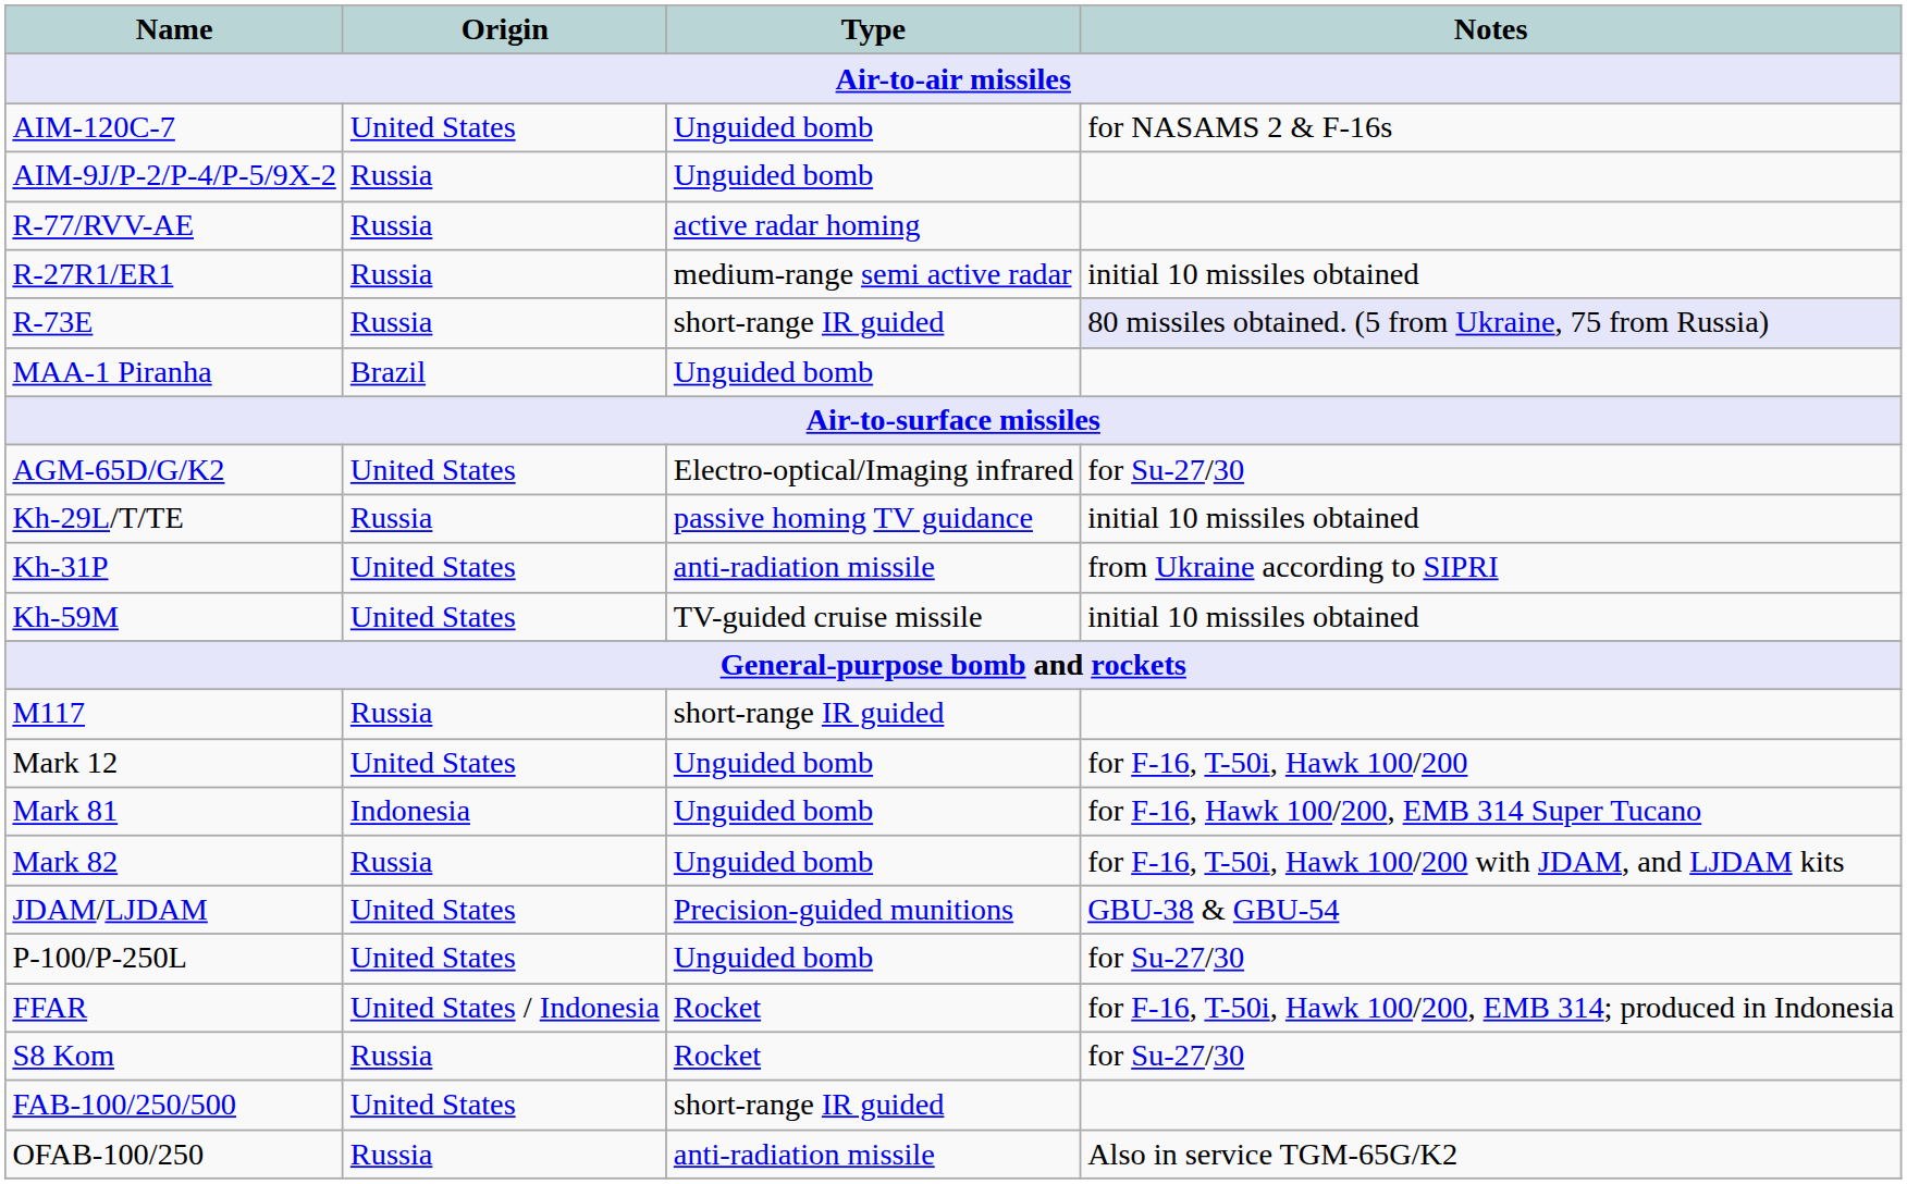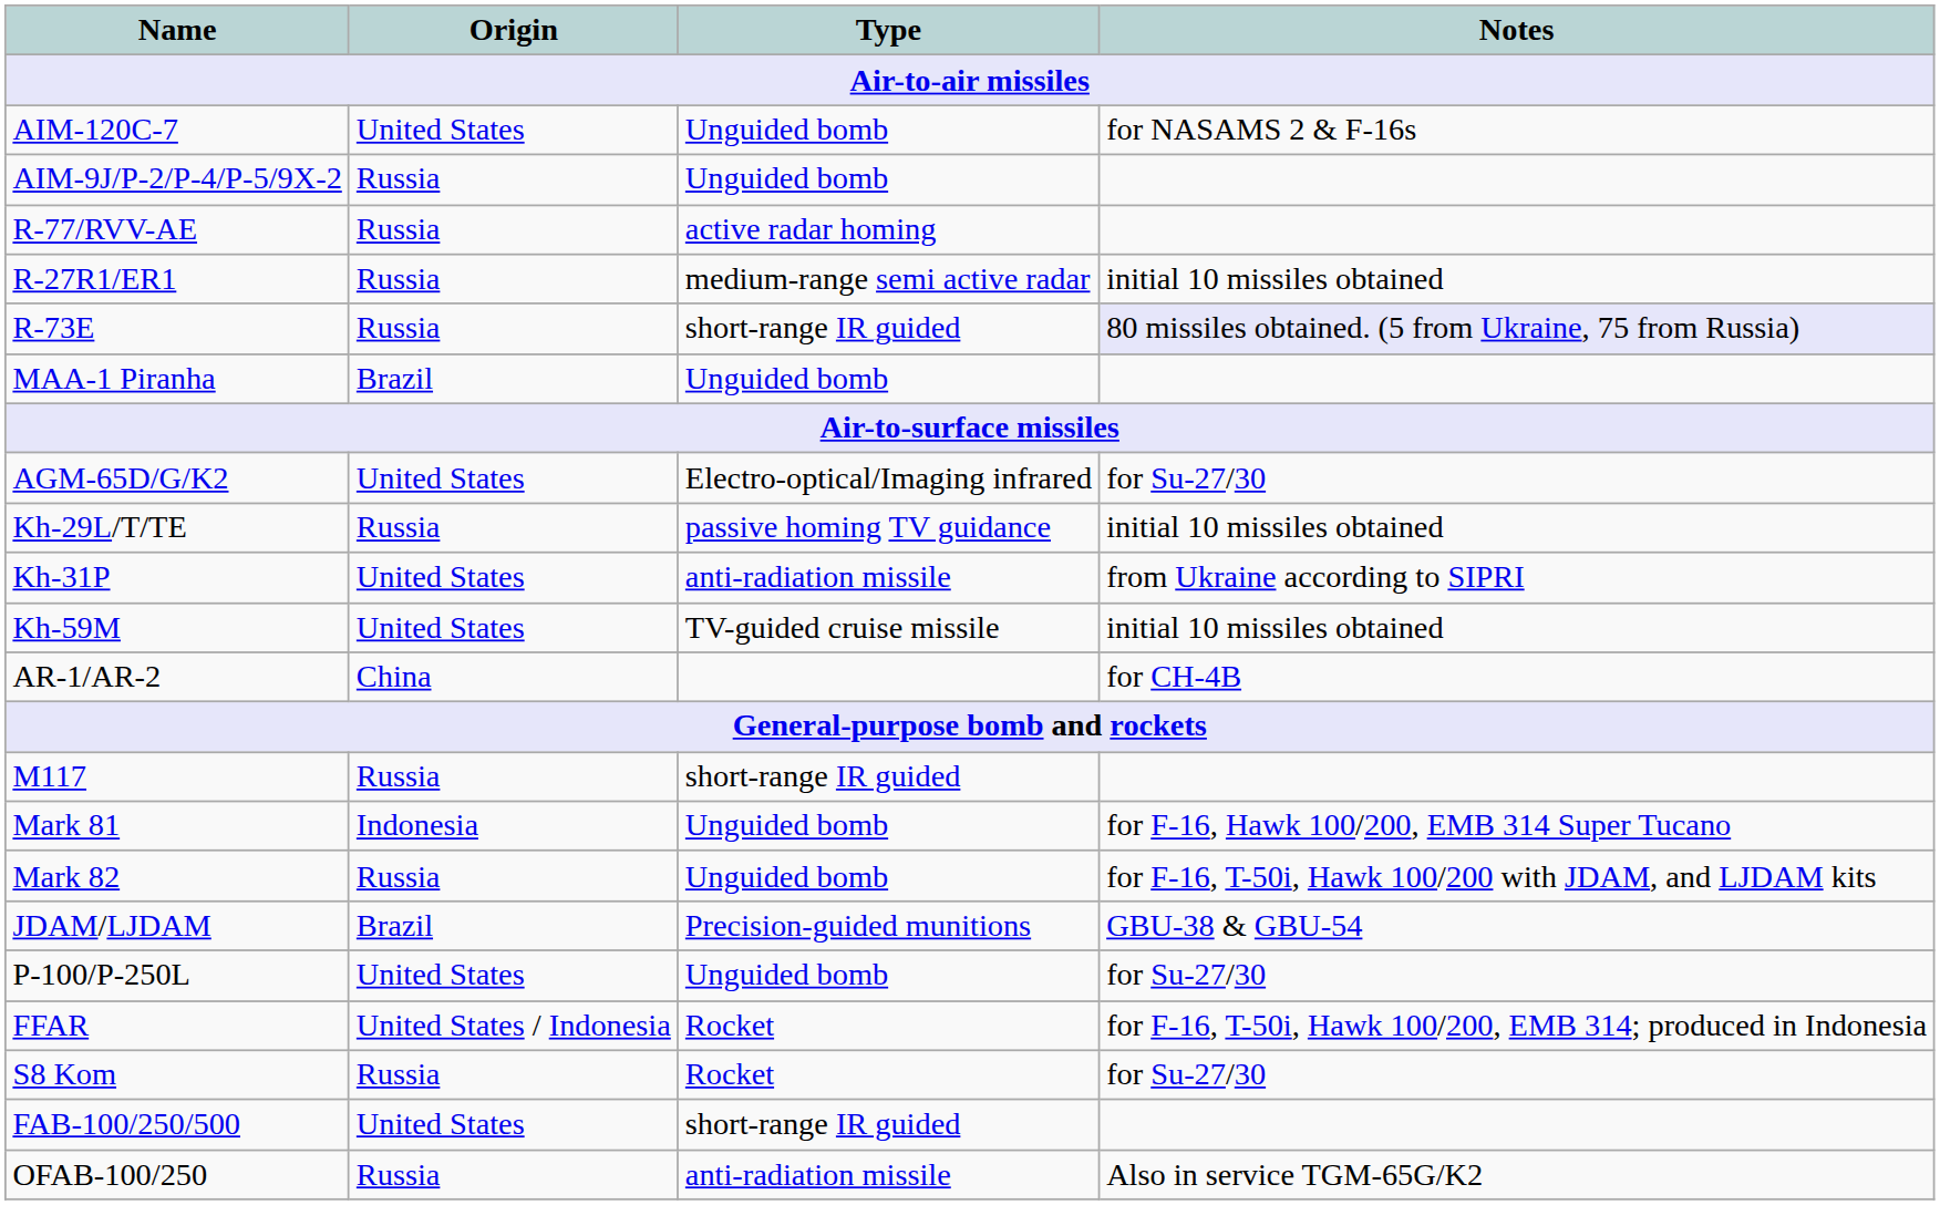 <table class="wikitable">
 <tr>
 <th style="text-align:center; background:#accc;">Name</th>
 <th style="text-align: center; background:#accc;">Origin</th>
 <th style="text-align:l center; background:#accc;">Type</th>
 <th style="text-align: center; background:#accc;">Notes</th>
 </tr>
 <tr>
 <th colspan="4" style="align: center; background: lavender;"><a href='#'>Air-to-air missiles</a></th>
 </tr>
 <tr>
 <td><a href='#'>AIM-120C-7</a></td>
 <td><a href='#'>United States</a></td>
 <td><a href='#'>Unguided bomb</a></td>
 <td>for NASAMS 2 & F-16s</td>
 </tr>
 <tr>
 <td><a href='#'>AIM-9J/P-2/P-4/P-5/9X-2</a></td>
 <td><a href='#'>Russia</a></td>
 <td><a href='#'>Unguided bomb</a></td>
 <td></td>
 </tr>
 <tr>
 <td><a href='#'>R-77/RVV-AE</a></td>
 <td><a href='#'>Russia</a></td>
 <td><a href='#'>active radar homing</a></td>
 <td></td>
 </tr>
 <tr>
 <td><a href='#'>R-27R1/ER1</a></td>
 <td><a href='#'>Russia</a></td>
 <td>medium-range <a href='#'>semi active radar</a></td>
 <td>initial 10 missiles obtained</td>
 </tr>
 <tr>
 <td><a href='#'>R-73E</a></td>
 <td><a href='#'>Russia</a></td>
 <td>short-range <a href='#'>IR guided</a></td>
 <td style="background: lavender;">80 missiles obtained. (5 from <a href='#'>Ukraine</a>, 75 from Russia)</td>
 </tr>
 <tr>
 <td><a href='#'>MAA-1 Piranha</a></td>
 <td><a href='#'>Brazil</a></td>
 <td><a href='#'>Unguided bomb</a></td>
 <td></td>
 </tr>
 <tr>
 <th colspan="4" style="align: center; background: lavender;"><a href='#'>Air-to-surface missiles</a></th>
 </tr>
 <tr>
 <td><a href='#'>AGM-65D/G/K2</a></td>
 <td><a href='#'>United States</a></td>
 <td>Electro-optical/Imaging infrared</td>
 <td>for <a href='#'>Su-27</a>/<a href='#'>30</a></td>
 </tr>
 <tr>
 <td><a href='#'>Kh-29L</a>/T/TE</td>
 <td><a href='#'>Russia</a></td>
 <td><a href='#'>passive homing</a> <a href='#'>TV guidance</a></td>
 <td>initial 10 missiles obtained</td>
 </tr>
 <tr>
 <td><a href='#'>Kh-31P</a></td>
 <td><a href='#'>United States</a></td>
 <td><a href='#'>anti-radiation missile</a></td>
 <td>from <a href='#'>Ukraine</a> according to <a href='#'>SIPRI</a></td>
 </tr>
 <tr>
 <td><a href='#'>Kh-59M</a></td>
 <td><a href='#'>United States</a></td>
 <td>TV-guided cruise missile</td>
 <td>initial 10 missiles obtained</td>
 </tr>
 <tr>
+<td>AR-1/AR-2</td>
+<td><a href='#'>China</a></td>
+<td></td>
+<td>for <a href='#'>CH-4B</a></td>
+</tr>
+<tr>
 <th colspan="4" style="align: center; background: lavender;"><a href='#'>General-purpose bomb</a> and <a href='#'>rockets</a></th>
 </tr>
 <tr>
 <td><a href='#'>M117</a></td>
 <td><a href='#'>Russia</a></td>
 <td>short-range <a href='#'>IR guided</a></td>
 <td></td>
-</tr>
-<tr>
-<td>Mark 12</td>
-<td><a href='#'>United States</a></td>
-<td><a href='#'>Unguided bomb</a></td>
-<td>for <a href='#'>F-16</a>, <a href='#'>T-50i</a>, <a href='#'>Hawk 100</a>/<a href='#'>200</a></td>
 </tr>
 <tr>
 <td><a href='#'>Mark 81</a></td>
 <td><a href='#'>Indonesia</a></td>
 <td><a href='#'>Unguided bomb</a></td>
 <td>for <a href='#'>F-16</a>, <a href='#'>Hawk 100</a>/<a href='#'>200</a>, <a href='#'>EMB 314 Super Tucano</a></td>
 </tr>
 <tr>
 <td><a href='#'>Mark 82</a></td>
 <td><a href='#'>Russia</a></td>
 <td><a href='#'>Unguided bomb</a></td>
 <td>for <a href='#'>F-16</a>, <a href='#'>T-50i</a>, <a href='#'>Hawk 100</a>/<a href='#'>200</a> with <a href='#'>JDAM</a>, and <a href='#'>LJDAM</a> kits</td>
 </tr>
 <tr>
 <td><a href='#'>JDAM</a>/<a href='#'>LJDAM</a></td>
-<td><a href='#'>United States</a></td>
+<td><a href='#'>Brazil</a></td>
 <td><a href='#'>Precision-guided munitions</a></td>
 <td><a href='#'>GBU-38</a> & <a href='#'>GBU-54</a></td>
 </tr>
 <tr>
 <td>P-100/P-250L</td>
 <td><a href='#'>United States</a></td>
 <td><a href='#'>Unguided bomb</a></td>
 <td>for <a href='#'>Su-27</a>/<a href='#'>30</a></td>
 </tr>
 <tr>
 <td><a href='#'>FFAR</a></td>
 <td><a href='#'>United States</a> / <a href='#'>Indonesia</a></td>
 <td><a href='#'>Rocket</a></td>
 <td>for <a href='#'>F-16</a>, <a href='#'>T-50i</a>, <a href='#'>Hawk 100</a>/<a href='#'>200</a>, <a href='#'>EMB 314</a>; produced in Indonesia</td>
 </tr>
 <tr>
 <td><a href='#'>S8 Kom</a></td>
 <td><a href='#'>Russia</a></td>
 <td><a href='#'>Rocket</a></td>
 <td>for <a href='#'>Su-27</a>/<a href='#'>30</a></td>
 </tr>
 <tr>
 <td><a href='#'>FAB-100/250/500</a></td>
 <td><a href='#'>United States</a></td>
 <td>short-range <a href='#'>IR guided</a></td>
 <td></td>
 </tr>
 <tr>
 <td>OFAB-100/250</td>
 <td><a href='#'>Russia</a></td>
 <td><a href='#'>anti-radiation missile</a></td>
 <td>Also in service TGM-65G/K2</td>
 </tr>
 </table>
